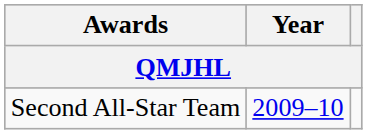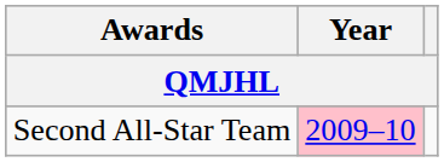 <table class="wikitable">
 <tr>
 <th>Awards</th>
 <th>Year</th>
 <th></th>
 </tr>
 <tr>
 <th colspan="3"><a href='#'>QMJHL</a></th>
 </tr>
 <tr>
 <td>Second All-Star Team</td>
-<td><a href='#'>2009–10</a></td>
+<td style="background: pink;"><a href='#'>2009–10</a></td>
 <td></td>
 </tr>
 </table>
